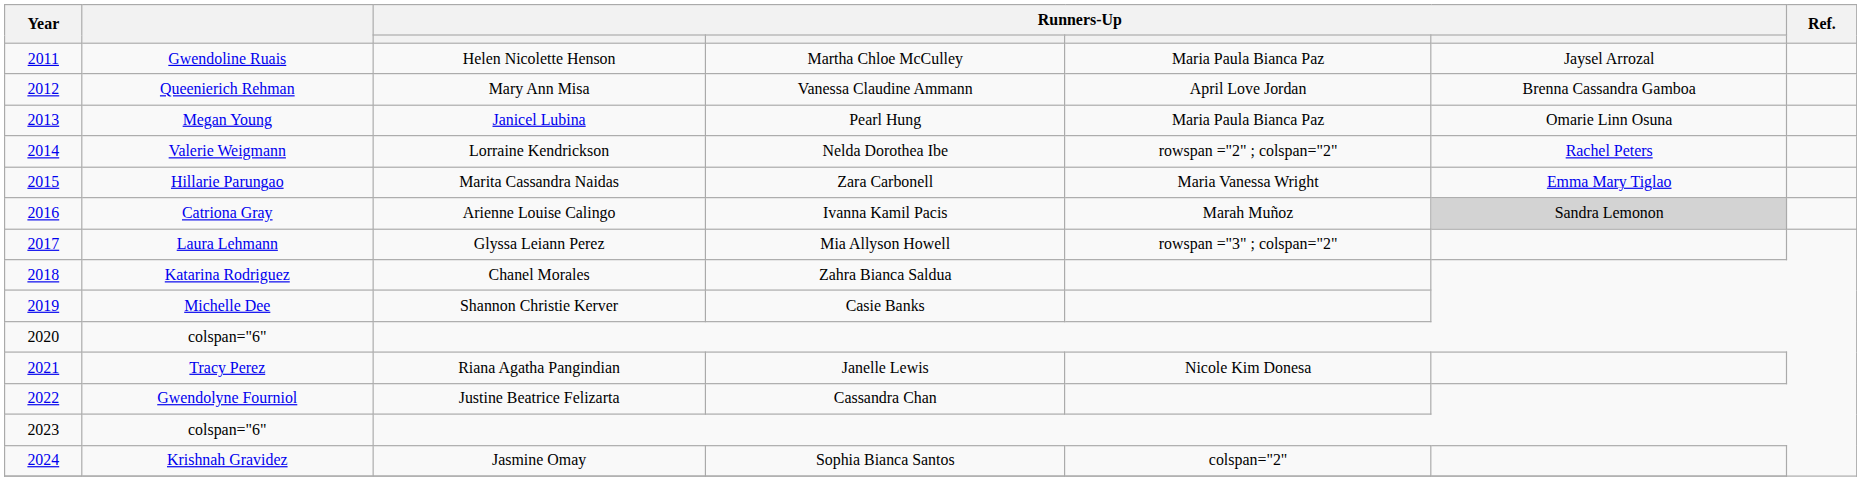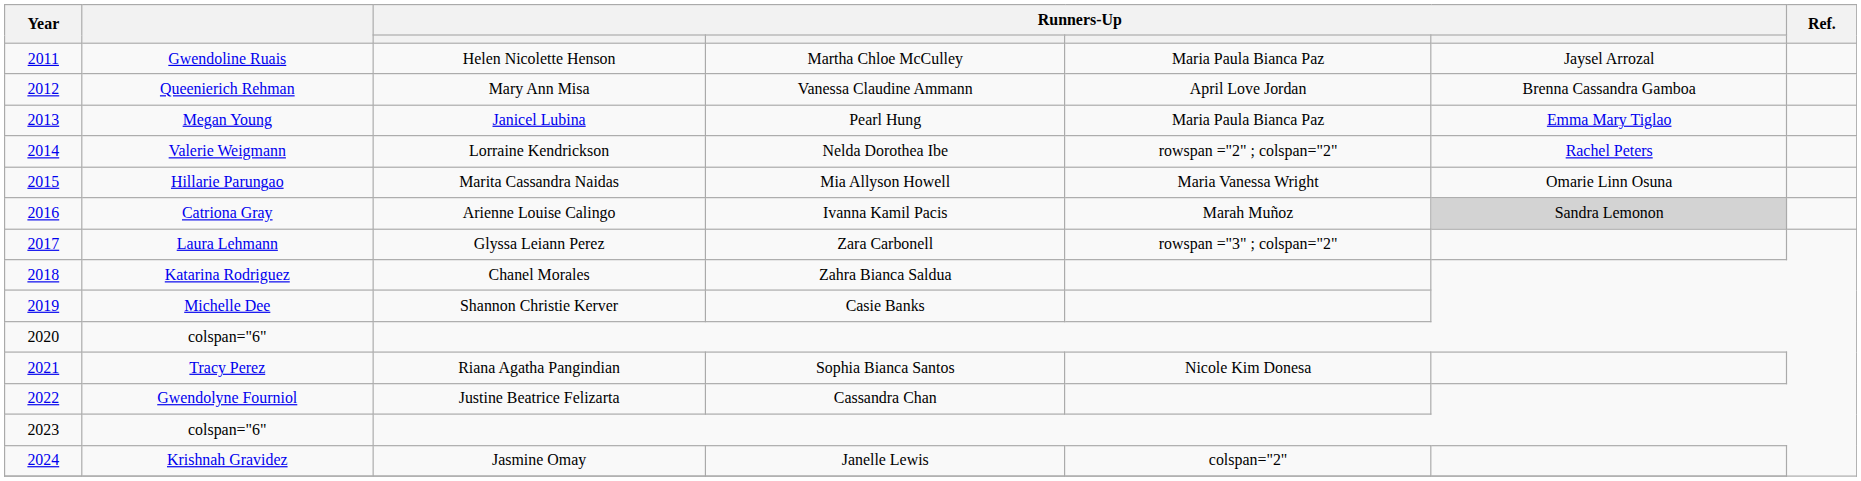 <table class="wikitable" style="text-align:center; font-size:85%; line-height:20px; width:100%;">
 <tr>
 <th rowspan="2">Year</th>
 <th rowspan="2"></th>
 <th colspan="4">Runners-Up</th>
 <th rowspan="2">Ref.</th>
 </tr>
 <tr>
 <th></th>
 <th></th>
 <th></th>
 <th></th>
 </tr>
 <tr>
 <td><a href='#'>2011</a></td>
 <td><a href='#'>Gwendoline Ruais</a></td>
 <td>Helen Nicolette Henson</td>
 <td>Martha Chloe McCulley</td>
 <td>Maria Paula Bianca Paz</td>
 <td>Jaysel Arrozal</td>
 <td></td>
 </tr>
 <tr>
 <td><a href='#'>2012</a></td>
 <td><a href='#'>Queenierich Rehman</a></td>
 <td>Mary Ann Misa</td>
 <td>Vanessa Claudine Ammann</td>
 <td>April Love Jordan</td>
 <td>Brenna Cassandra Gamboa</td>
 <td></td>
 </tr>
 <tr>
 <td><a href='#'>2013</a></td>
 <td><a href='#'>Megan Young</a></td>
 <td><a href='#'>Janicel Lubina</a></td>
 <td>Pearl Hung</td>
 <td>Maria Paula Bianca Paz</td>
-<td>Omarie Linn Osuna</td>
+<td><a href='#'>Emma Mary Tiglao</a></td>
 <td></td>
 </tr>
 <tr>
 <td><a href='#'>2014</a></td>
 <td><a href='#'>Valerie Weigmann</a></td>
 <td>Lorraine Kendrickson</td>
 <td>Nelda Dorothea Ibe</td>
 <td>rowspan ="2" ; colspan="2" </td>
 <td><a href='#'>Rachel Peters</a></td>
 <td></td>
 </tr>
 <tr>
 <td><a href='#'>2015</a></td>
 <td><a href='#'>Hillarie Parungao</a></td>
 <td>Marita Cassandra Naidas</td>
-<td>Zara Carbonell</td>
+<td>Mia Allyson Howell</td>
 <td>Maria Vanessa Wright</td>
-<td><a href='#'>Emma Mary Tiglao</a></td>
+<td>Omarie Linn Osuna</td>
 <td></td>
 </tr>
 <tr>
 <td><a href='#'>2016</a></td>
 <td><a href='#'>Catriona Gray</a></td>
 <td>Arienne Louise Calingo</td>
 <td>Ivanna Kamil Pacis</td>
 <td>Marah Muñoz</td>
 <td style="background: lightgrey;">Sandra Lemonon</td>
 <td></td>
 </tr>
 <tr>
 <td><a href='#'>2017</a></td>
 <td><a href='#'>Laura Lehmann</a></td>
 <td>Glyssa Leiann Perez</td>
-<td>Mia Allyson Howell</td>
+<td>Zara Carbonell</td>
 <td>rowspan ="3" ; colspan="2" </td>
 <td></td>
 </tr>
 <tr>
 <td><a href='#'>2018</a></td>
 <td><a href='#'>Katarina Rodriguez</a></td>
 <td>Chanel Morales</td>
 <td>Zahra Bianca Saldua</td>
 <td></td>
 </tr>
 <tr>
 <td><a href='#'>2019</a></td>
 <td><a href='#'>Michelle Dee</a></td>
 <td>Shannon Christie Kerver</td>
 <td>Casie Banks</td>
 <td></td>
 </tr>
 <tr>
 <td>2020</td>
 <td>colspan="6" </td>
 </tr>
 <tr>
 <td><a href='#'>2021</a></td>
 <td><a href='#'>Tracy Perez</a></td>
 <td>Riana Agatha Pangindian</td>
-<td>Janelle Lewis</td>
+<td>Sophia Bianca Santos</td>
 <td>Nicole Kim Donesa</td>
 <td></td>
 </tr>
 <tr>
 <td><a href='#'>2022</a></td>
 <td><a href='#'>Gwendolyne Fourniol</a></td>
 <td>Justine Beatrice Felizarta</td>
 <td>Cassandra Chan</td>
 <td></td>
 </tr>
 <tr>
 <td>2023</td>
 <td>colspan="6" </td>
 </tr>
 <tr>
 <td><a href='#'>2024</a></td>
 <td><a href='#'>Krishnah Gravidez</a></td>
 <td>Jasmine Omay</td>
-<td>Sophia Bianca Santos</td>
+<td>Janelle Lewis</td>
 <td>colspan="2" </td>
 <td></td>
 </tr>
 <tr>
 </tr>
 </table>
